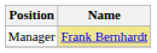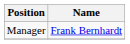 <table class="wikitable" style="text-align:left;">
 <tr>
 <th>Position</th>
 <th>Name</th>
 </tr>
 <tr>
 <td>Manager</td>
-<td style="background: khaki;"> <a href='#'>Frank Bernhardt</a></td>
+<td> <a href='#'>Frank Bernhardt</a></td>
 </tr>
 <tr>
 </tr>
 </table>
